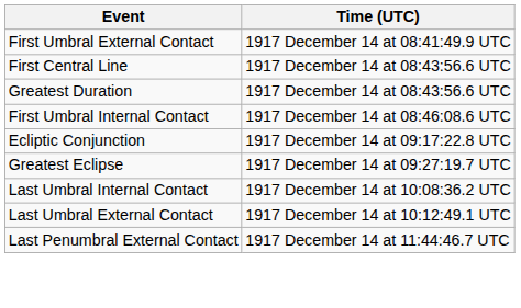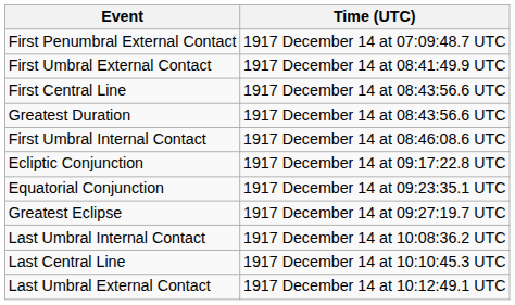 <table class="wikitable">
 <tr>
 <th>Event</th>
 <th>Time (UTC)</th>
+</tr>
+<tr>
+<td>First Penumbral External Contact</td>
+<td>1917 December 14 at 07:09:48.7 UTC</td>
 </tr>
 <tr>
 <td>First Umbral External Contact</td>
 <td>1917 December 14 at 08:41:49.9 UTC</td>
 </tr>
 <tr>
 <td>First Central Line</td>
 <td>1917 December 14 at 08:43:56.6 UTC</td>
 </tr>
 <tr>
 <td>Greatest Duration</td>
 <td>1917 December 14 at 08:43:56.6 UTC</td>
 </tr>
 <tr>
 <td>First Umbral Internal Contact</td>
 <td>1917 December 14 at 08:46:08.6 UTC</td>
 </tr>
 <tr>
 <td>Ecliptic Conjunction</td>
 <td>1917 December 14 at 09:17:22.8 UTC</td>
 </tr>
 <tr>
+<td>Equatorial Conjunction</td>
+<td>1917 December 14 at 09:23:35.1 UTC</td>
+</tr>
+<tr>
 <td>Greatest Eclipse</td>
 <td>1917 December 14 at 09:27:19.7 UTC</td>
 </tr>
 <tr>
 <td>Last Umbral Internal Contact</td>
 <td>1917 December 14 at 10:08:36.2 UTC</td>
 </tr>
 <tr>
+<td>Last Central Line</td>
+<td>1917 December 14 at 10:10:45.3 UTC</td>
+</tr>
+<tr>
 <td>Last Umbral External Contact</td>
 <td>1917 December 14 at 10:12:49.1 UTC</td>
 </tr>
-<tr>
-<td>Last Penumbral External Contact</td>
-<td>1917 December 14 at 11:44:46.7 UTC</td>
-</tr>
 </table>
